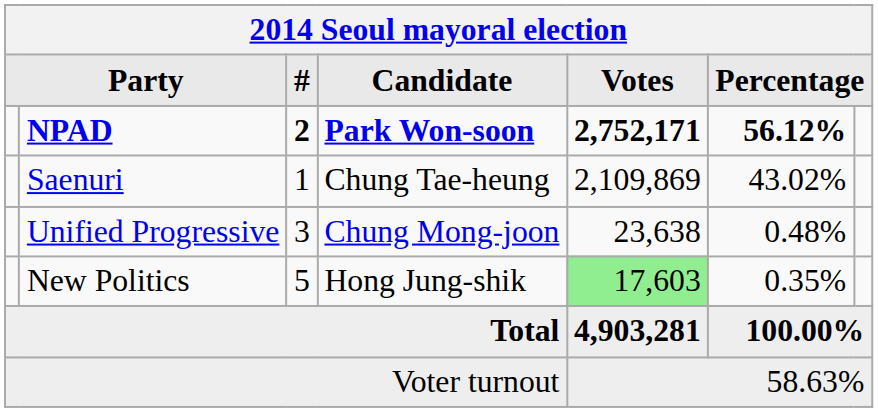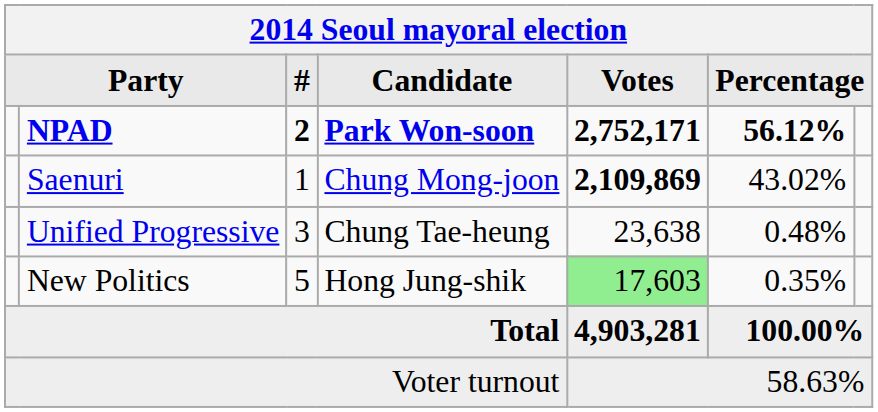 <table class="wikitable">
 <tr>
 <th colspan="7"><a href='#'>2014 Seoul mayoral election</a></th>
 </tr>
 <tr>
 <th style="background-color:#E9E9E9" colspan=2>Party</th>
 <th style="background-color:#E9E9E9">#</th>
 <th style="background-color:#E9E9E9">Candidate</th>
 <th style="background-color:#E9E9E9">Votes</th>
 <th style="background-color:#E9E9E9" colspan=2>Percentage</th>
 </tr>
 <tr style="font-weight:bold">
 <td></td>
 <td align=left><a href='#'>NPAD</a></td>
 <td align=center>2</td>
 <td align=left><a href='#'>Park Won-soon</a></td>
 <td align=right>2,752,171</td>
 <td align=right>56.12%</td>
 <td align=right></td>
 </tr>
 <tr>
 <td></td>
 <td align=left><a href='#'>Saenuri</a></td>
 <td align=center>1</td>
-<td align=left>Chung Tae-heung</td>
-<td align=right>2,109,869</td>
+<td align=left><a href='#'>Chung Mong-joon</a></td>
+<td align=right><strong>2,109,869</strong></td>
 <td align=right>43.02%</td>
 <td align=right></td>
 </tr>
 <tr>
 <td></td>
 <td align=left><a href='#'>Unified Progressive</a></td>
 <td align=center>3</td>
-<td align=left><a href='#'>Chung Mong-joon</a></td>
+<td align=left>Chung Tae-heung</td>
 <td align=right>23,638</td>
 <td align=right>0.48%</td>
 <td align=right></td>
 </tr>
 <tr>
 <td></td>
 <td align=left>New Politics</td>
 <td align=center>5</td>
 <td align=left>Hong Jung-shik</td>
 <td align=right style="background: lightgreen;">17,603</td>
 <td align=right>0.35%</td>
 <td align=right></td>
 </tr>
 <tr bgcolor="#EEEEEE" style="font-weight:bold">
 <td colspan="4" align=right>Total</td>
 <td align=right>4,903,281</td>
 <td align=right colspan=2>100.00%</td>
 </tr>
 <tr bgcolor="#EEEEEE">
 <td colspan="4" align="right">Voter turnout</td>
 <td colspan="3" align="right">58.63%</td>
 </tr>
 </table>
